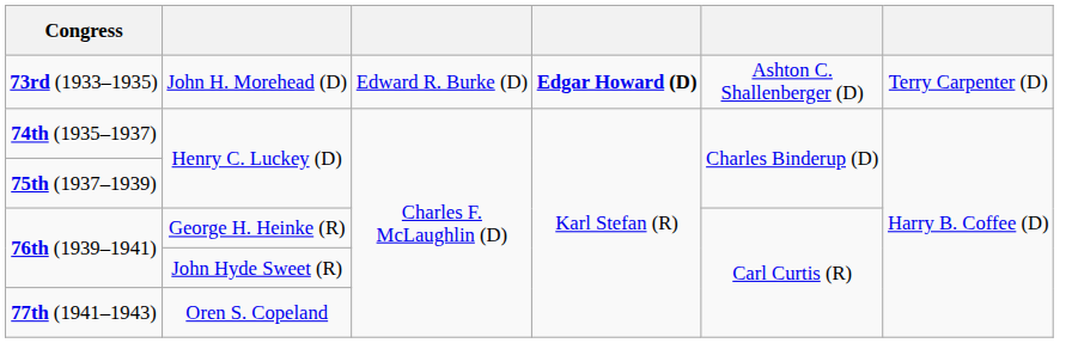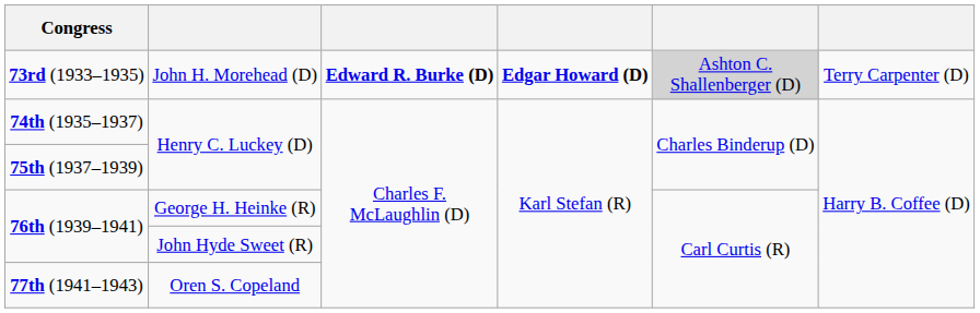 <table class=wikitable style="text-align:center">
 <tr style="height:2.5em">
 <th>Congress</th>
 <th></th>
 <th></th>
 <th></th>
 <th></th>
 <th></th>
 </tr>
 <tr style="height:2.5em">
 <td><strong><a href='#'>73rd</a></strong> (1933–1935)</td>
 <td><a href='#'>John H. Morehead</a> (D)</td>
-<td><a href='#'>Edward R. Burke</a> (D)</td>
+<td><strong><a href='#'>Edward R. Burke</a> (D)</strong></td>
 <td><strong><a href='#'>Edgar Howard</a> (D)</strong></td>
-<td><a href='#'>Ashton C.<br>Shallenberger</a> (D)</td>
+<td style="background: lightgrey;"><a href='#'>Ashton C.<br>Shallenberger</a> (D)</td>
 <td><a href='#'>Terry Carpenter</a> (D)</td>
 </tr>
 <tr style="height:2.5em">
 <td><strong><a href='#'>74th</a></strong> (1935–1937)</td>
 <td rowspan=2 ><a href='#'>Henry C. Luckey</a> (D)</td>
 <td rowspan=5 ><a href='#'>Charles F.<br>McLaughlin</a> (D)</td>
 <td rowspan=5 ><a href='#'>Karl Stefan</a> (R)</td>
 <td rowspan=2 ><a href='#'>Charles Binderup</a> (D)</td>
 <td rowspan=5 ><a href='#'>Harry B. Coffee</a> (D)</td>
 </tr>
 <tr style="height:2.5em">
 <td><strong><a href='#'>75th</a></strong> (1937–1939)</td>
 </tr>
 <tr style="height:2em">
 <td rowspan=2><strong><a href='#'>76th</a></strong> (1939–1941)</td>
 <td><a href='#'>George H. Heinke</a> (R)</td>
 <td rowspan=3 ><a href='#'>Carl Curtis</a> (R)</td>
 </tr>
 <tr style="height:2em">
 <td><a href='#'>John Hyde Sweet</a> (R)</td>
 </tr>
 <tr style="height:2.5em">
 <td><strong><a href='#'>77th</a></strong> (1941–1943)</td>
 <td><a href='#'>Oren S. Copeland</a></td>
 </tr>
 </table>
